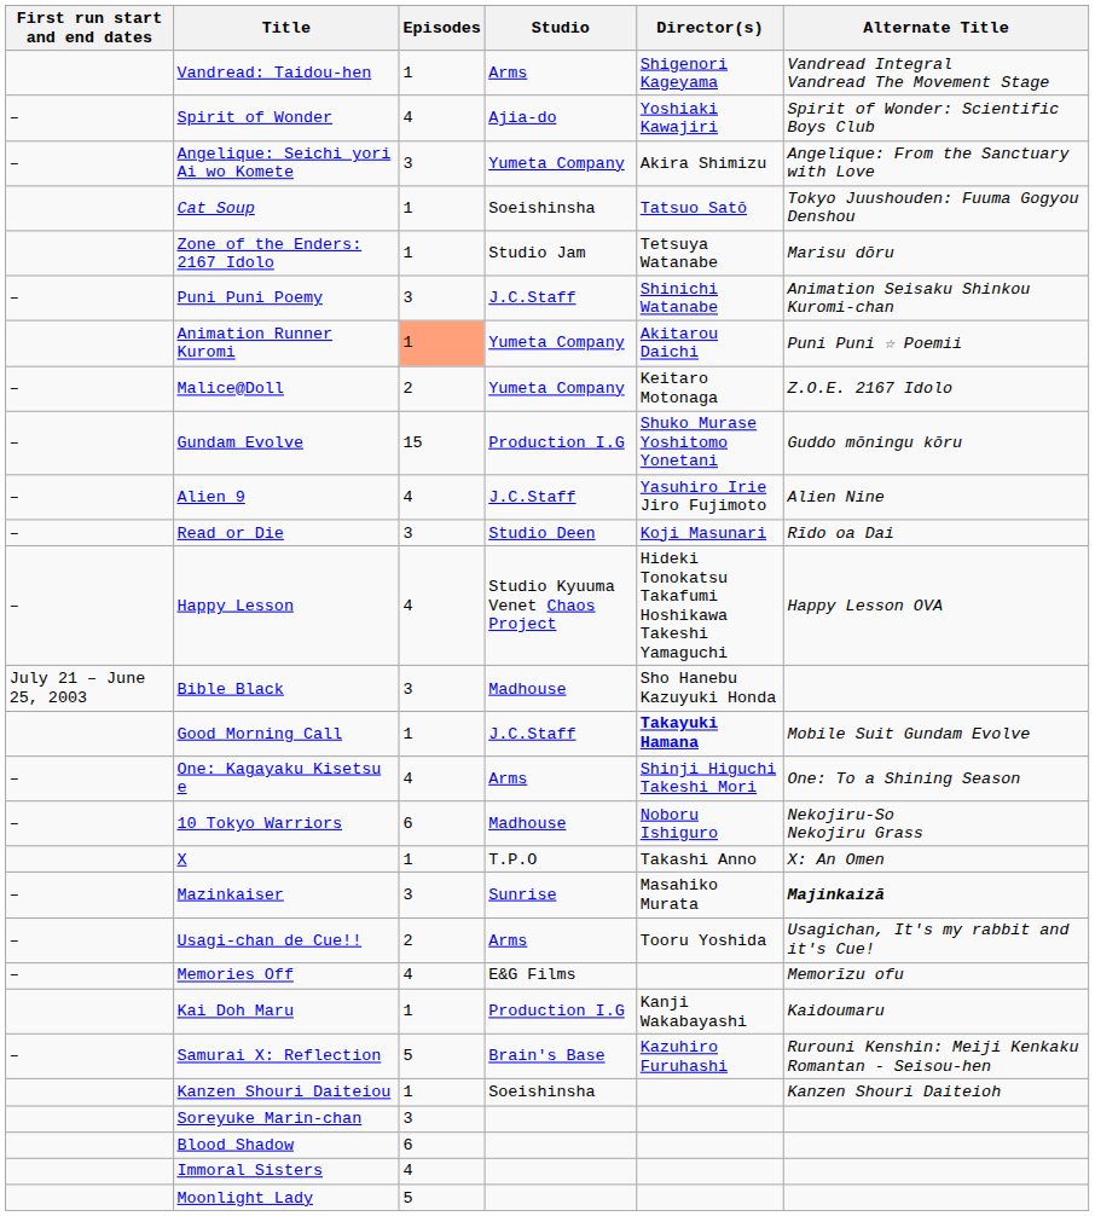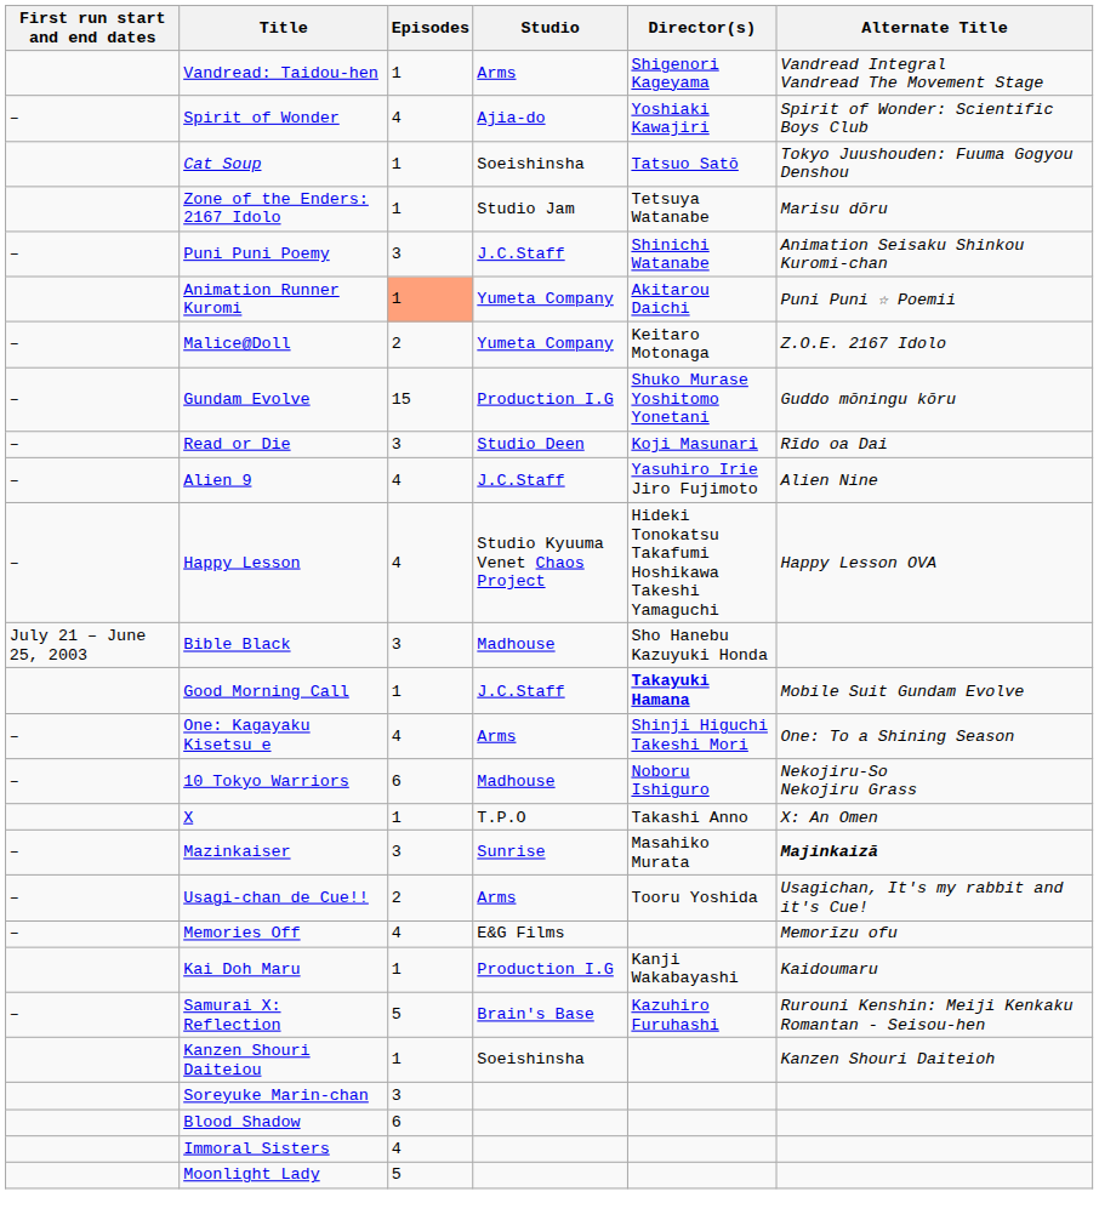 <table class="wikitable sortable mw-collapsible">
 <tr>
 <th>First run start and end dates</th>
 <th>Title</th>
 <th>Episodes</th>
 <th>Studio</th>
 <th>Director(s)</th>
 <th>Alternate Title</th>
 </tr>
 <tr>
 <td></td>
 <td><a href='#'>Vandread: Taidou-hen</a></td>
 <td>1</td>
 <td><a href='#'>Arms</a></td>
 <td><a href='#'>Shigenori Kageyama</a></td>
 <td><em>Vandread Integral</em><br><em>Vandread The Movement Stage</em></td>
 </tr>
 <tr>
 <td> – </td>
 <td><a href='#'>Spirit of Wonder</a></td>
 <td>4</td>
 <td><a href='#'>Ajia-do</a></td>
 <td><a href='#'>Yoshiaki Kawajiri</a></td>
 <td><em>Spirit of Wonder: Scientific Boys Club</em></td>
-</tr>
-<tr>
-<td> – </td>
-<td><a href='#'>Angelique: Seichi yori Ai wo Komete</a></td>
-<td>3</td>
-<td><a href='#'>Yumeta Company</a></td>
-<td>Akira Shimizu</td>
-<td><em>Angelique: From the Sanctuary with Love</em></td>
 </tr>
 <tr>
 <td></td>
 <td><em><a href='#'>Cat Soup</a></em></td>
 <td>1</td>
 <td>Soeishinsha</td>
 <td><a href='#'>Tatsuo Satō</a></td>
 <td><em>Tokyo Juushouden: Fuuma Gogyou Denshou</em></td>
 </tr>
 <tr>
 <td></td>
 <td><a href='#'>Zone of the Enders: 2167 Idolo</a></td>
 <td>1</td>
 <td>Studio Jam</td>
 <td>Tetsuya Watanabe</td>
 <td><em>Marisu dōru</em></td>
 </tr>
 <tr>
 <td> – </td>
 <td><a href='#'>Puni Puni Poemy</a></td>
 <td>3</td>
 <td><a href='#'>J.C.Staff</a></td>
 <td><a href='#'>Shinichi Watanabe</a></td>
 <td><em>Animation Seisaku Shinkou Kuromi-chan</em></td>
 </tr>
 <tr>
 <td></td>
 <td><a href='#'>Animation Runner Kuromi</a></td>
 <td style="background: lightsalmon;">1</td>
 <td><a href='#'>Yumeta Company</a></td>
 <td><a href='#'>Akitarou Daichi</a></td>
 <td><em>Puni Puni ☆ Poemii</em></td>
 </tr>
 <tr>
 <td> – </td>
 <td><a href='#'>Malice@Doll</a></td>
 <td>2</td>
 <td><a href='#'>Yumeta Company</a></td>
 <td>Keitaro Motonaga</td>
 <td><em>Z.O.E. 2167 Idolo</em></td>
 </tr>
 <tr>
 <td> – </td>
 <td><a href='#'>Gundam Evolve</a></td>
 <td>15</td>
 <td><a href='#'>Production I.G</a></td>
 <td><a href='#'>Shuko Murase</a><br><a href='#'>Yoshitomo Yonetani</a></td>
 <td><em>Guddo mōningu kōru</em></td>
 </tr>
 <tr>
 <td> – </td>
+<td><a href='#'>Read or Die</a></td>
+<td>3</td>
+<td><a href='#'>Studio Deen</a></td>
+<td><a href='#'>Koji Masunari</a></td>
+<td><em>Rīdo oa Dai</em></td>
+</tr>
+<tr>
+<td> – </td>
 <td><a href='#'>Alien 9</a></td>
 <td>4</td>
 <td><a href='#'>J.C.Staff</a></td>
 <td><a href='#'>Yasuhiro Irie</a><br>Jiro Fujimoto</td>
 <td><em>Alien Nine</em></td>
-</tr>
-<tr>
-<td> – </td>
-<td><a href='#'>Read or Die</a></td>
-<td>3</td>
-<td><a href='#'>Studio Deen</a></td>
-<td><a href='#'>Koji Masunari</a></td>
-<td><em>Rīdo oa Dai</em></td>
 </tr>
 <tr>
 <td> – </td>
 <td><a href='#'>Happy Lesson</a></td>
 <td>4</td>
 <td>Studio Kyuuma<br>Venet <a href='#'>Chaos Project</a></td>
 <td>Hideki Tonokatsu<br>Takafumi Hoshikawa<br>Takeshi Yamaguchi</td>
 <td><em>Happy Lesson OVA</em></td>
 </tr>
 <tr>
 <td>July 21 – June 25, 2003</td>
 <td><a href='#'>Bible Black</a></td>
 <td>3</td>
 <td><a href='#'>Madhouse</a></td>
 <td>Sho Hanebu<br>Kazuyuki Honda</td>
 <td></td>
 </tr>
 <tr>
 <td></td>
 <td><a href='#'>Good Morning Call</a></td>
 <td>1</td>
 <td><a href='#'>J.C.Staff</a></td>
 <td><strong><a href='#'>Takayuki Hamana</a></strong></td>
 <td><em>Mobile Suit Gundam Evolve</em></td>
 </tr>
 <tr>
 <td> – </td>
 <td><a href='#'>One: Kagayaku Kisetsu e</a></td>
 <td>4</td>
 <td><a href='#'>Arms</a></td>
 <td><a href='#'>Shinji Higuchi</a><br><a href='#'>Takeshi Mori</a></td>
 <td><em>One: To a Shining Season</em></td>
 </tr>
 <tr>
 <td> – </td>
 <td><a href='#'>10 Tokyo Warriors</a></td>
 <td>6</td>
 <td><a href='#'>Madhouse</a></td>
 <td><a href='#'>Noboru Ishiguro</a></td>
 <td><em>Nekojiru-So</em><br><em>Nekojiru Grass</em></td>
 </tr>
 <tr>
 <td></td>
 <td><a href='#'>X</a></td>
 <td>1</td>
 <td>T.P.O</td>
 <td>Takashi Anno</td>
 <td><em>X: An Omen</em></td>
 </tr>
 <tr>
 <td> – </td>
 <td><a href='#'>Mazinkaiser</a></td>
 <td>3</td>
 <td><a href='#'>Sunrise</a></td>
 <td>Masahiko Murata</td>
 <td><strong><em>Majinkaizā</em></strong></td>
 </tr>
 <tr>
 <td> – </td>
 <td><a href='#'>Usagi-chan de Cue!!</a></td>
 <td>2</td>
 <td><a href='#'>Arms</a></td>
 <td>Tooru Yoshida</td>
 <td><em>Usagichan, It's my rabbit and it's Cue!</em></td>
 </tr>
 <tr>
 <td> – </td>
 <td><a href='#'>Memories Off</a></td>
 <td>4</td>
 <td>E&G Films</td>
 <td></td>
 <td><em>Memorīzu ofu</em></td>
 </tr>
 <tr>
 <td></td>
 <td><a href='#'>Kai Doh Maru</a></td>
 <td>1</td>
 <td><a href='#'>Production I.G</a></td>
 <td>Kanji Wakabayashi</td>
 <td><em>Kaidoumaru</em></td>
 </tr>
 <tr>
 <td> – </td>
 <td><a href='#'>Samurai X: Reflection</a></td>
 <td>5</td>
 <td><a href='#'>Brain's Base</a></td>
 <td><a href='#'>Kazuhiro Furuhashi</a></td>
 <td><em>Rurouni Kenshin: Meiji Kenkaku Romantan - Seisou-hen</em></td>
 </tr>
 <tr>
 <td></td>
 <td><a href='#'>Kanzen Shouri Daiteiou</a></td>
 <td>1</td>
 <td>Soeishinsha</td>
 <td></td>
 <td><em>Kanzen Shouri Daiteioh</em></td>
 </tr>
 <tr>
 <td></td>
 <td><a href='#'>Soreyuke Marin-chan</a></td>
 <td>3</td>
 <td></td>
 <td></td>
 <td></td>
 </tr>
 <tr>
 <td></td>
 <td><a href='#'>Blood Shadow</a></td>
 <td>6</td>
 <td></td>
 <td></td>
 <td></td>
 </tr>
 <tr>
 <td></td>
 <td><a href='#'>Immoral Sisters</a></td>
 <td>4</td>
 <td></td>
 <td></td>
 <td></td>
 </tr>
 <tr>
 <td></td>
 <td><a href='#'>Moonlight Lady</a></td>
 <td>5</td>
 <td></td>
 <td></td>
 <td></td>
 </tr>
 </table>
